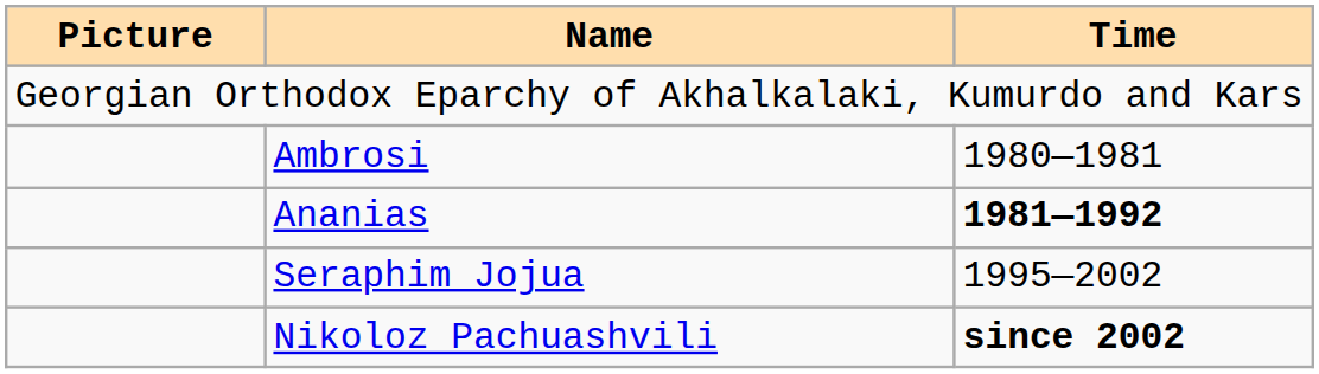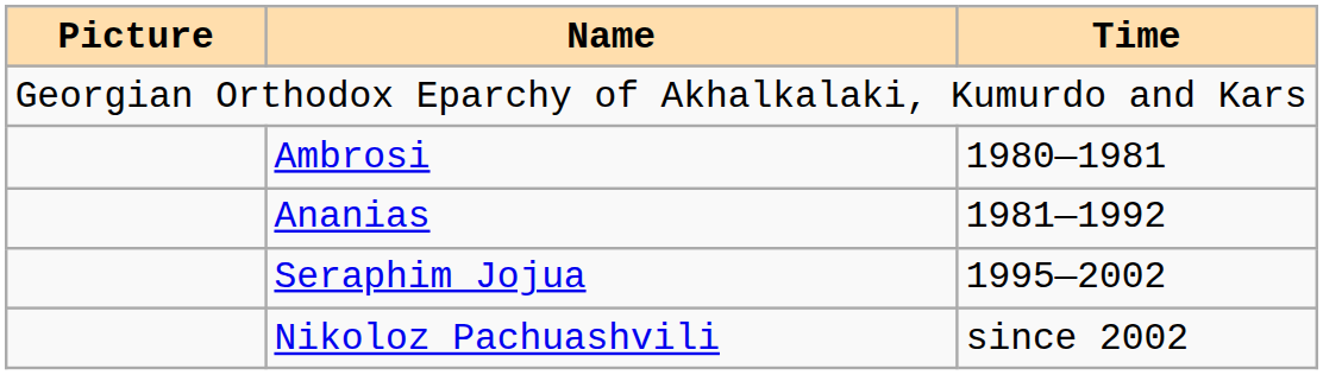 <table align="center" class="wikitable">
 <tr>
 <th style=background:#FFDEAD;>Picture</th>
 <th style=background:#FFDEAD;>Name</th>
 <th style=background:#FFDEAD;>Time</th>
 </tr>
 <tr>
 <td colspan=4 style="text-align:center;">Georgian Orthodox Eparchy of Akhalkalaki, Kumurdo and Kars</td>
 </tr>
 <tr>
 <td></td>
 <td><a href='#'>Ambrosi</a></td>
 <td>1980—1981</td>
 </tr>
 <tr>
 <td></td>
 <td><a href='#'>Ananias</a></td>
-<td><strong>1981—1992</strong></td>
+<td>1981—1992</td>
 </tr>
 <tr>
 <td></td>
 <td><a href='#'>Seraphim Jojua</a></td>
 <td>1995—2002</td>
 </tr>
 <tr>
 <td></td>
 <td><a href='#'>Nikoloz Pachuashvili</a></td>
-<td><strong>since 2002</strong></td>
+<td>since 2002</td>
 </tr>
 </table>
